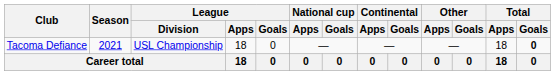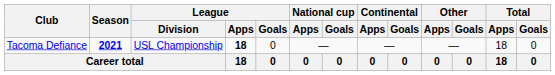 <table class=wikitable style=text-align:center>
 <tr>
 <th rowspan=2>Club</th>
 <th rowspan=2>Season</th>
 <th colspan=3>League</th>
 <th colspan=2>National cup</th>
 <th colspan=2>Continental</th>
 <th colspan=2>Other</th>
 <th colspan=2>Total</th>
 </tr>
 <tr>
 <th>Division</th>
 <th>Apps</th>
 <th>Goals</th>
 <th>Apps</th>
 <th>Goals</th>
 <th>Apps</th>
 <th>Goals</th>
 <th>Apps</th>
 <th>Goals</th>
 <th>Apps</th>
 <th>Goals</th>
 </tr>
 <tr>
 <td rowspan=1><a href='#'>Tacoma Defiance</a></td>
-<td><a href='#'>2021</a></td>
+<td><strong><a href='#'>2021</a></strong></td>
 <td><a href='#'>USL Championship</a></td>
-<td>18</td>
+<td><strong>18</strong></td>
 <td>0</td>
 <td colspan=2>—</td>
 <td colspan=2>—</td>
 <td colspan=2>—</td>
 <td>18</td>
-<td><strong>0</strong></td>
+<td>0</td>
 </tr>
 <tr>
 <th colspan=3>Career total</th>
 <th>18</th>
 <th>0</th>
 <th>0</th>
 <th>0</th>
 <th>0</th>
 <th>0</th>
 <th>0</th>
 <th>0</th>
 <th>18</th>
 <th>0</th>
 </tr>
 </table>
